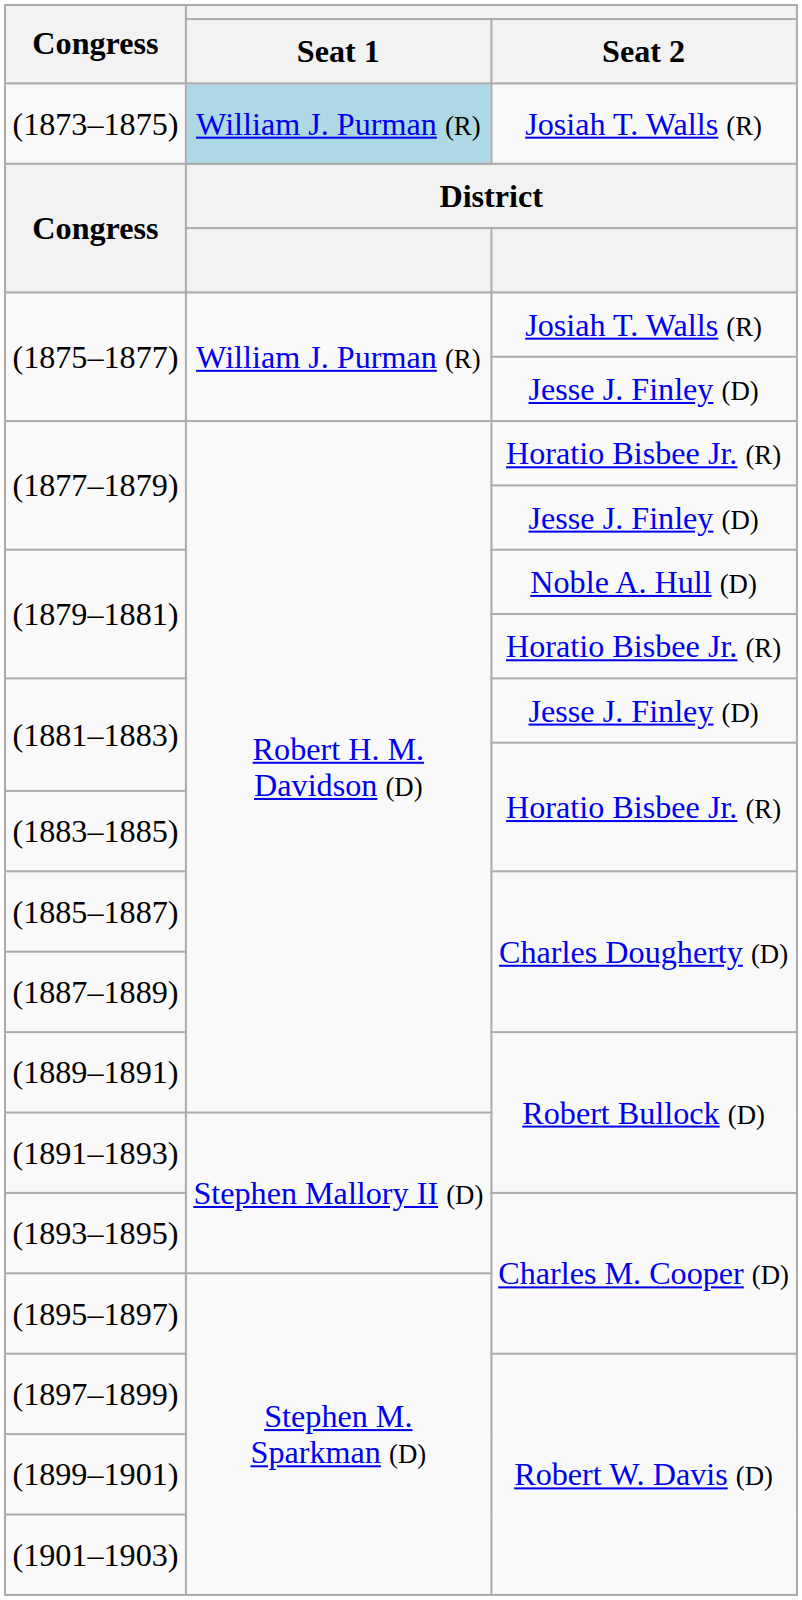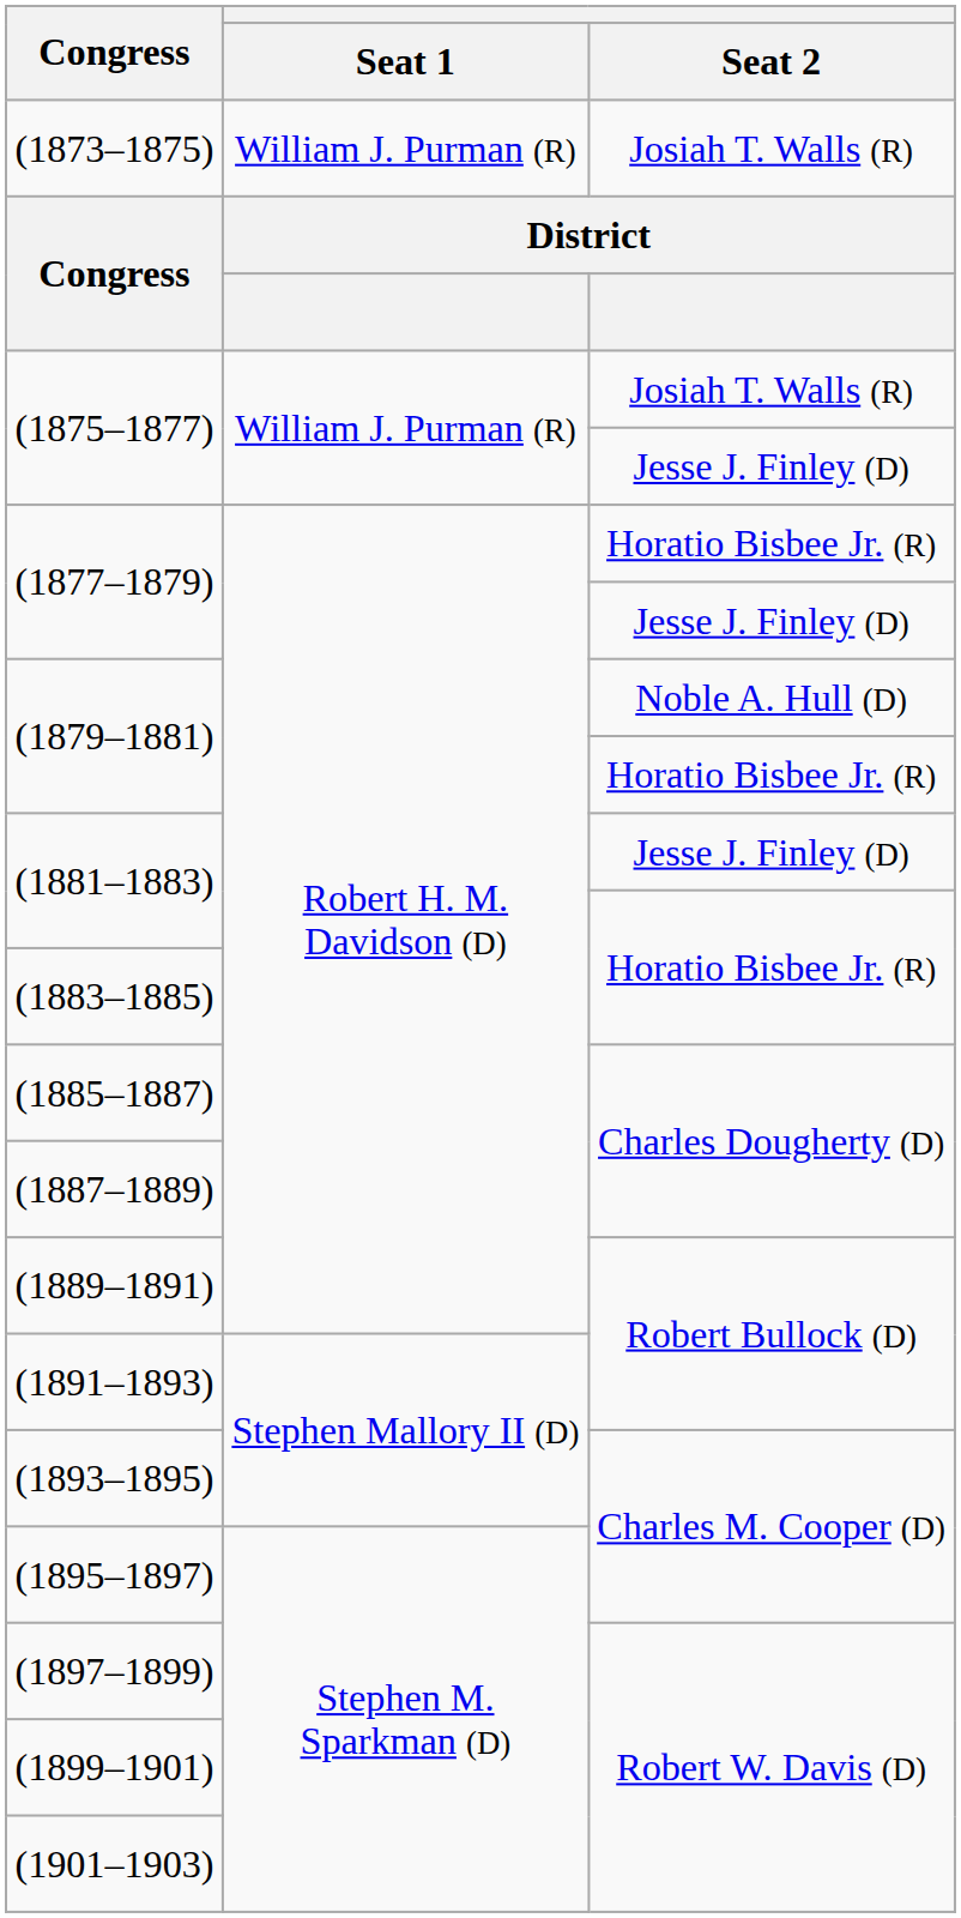 <table class=wikitable style="text-align:center">
 <tr>
 <th rowspan=2>Congress</th>
 <th colspan=2></th>
 </tr>
 <tr style="height:2em">
 <th>Seat 1</th>
 <th>Seat 2</th>
 </tr>
 <tr style="height:2.5em">
 <td><strong></strong> (1873–1875)</td>
-<td style="background: lightblue;"><a href='#'>William J. Purman</a> <small>(R)</small></td>
+<td><a href='#'>William J. Purman</a> <small>(R)</small></td>
 <td><a href='#'>Josiah T. Walls</a> <small>(R)</small></td>
 </tr>
 <tr style="height:2em">
 <th rowspan=2>Congress</th>
 <th colspan=2 align=center>District</th>
 </tr>
 <tr style="height:2em">
 <th></th>
 <th></th>
 </tr>
 <tr style="height:2em">
 <td rowspan=2><strong></strong> (1875–1877)</td>
 <td rowspan=2 ><a href='#'>William J. Purman</a> <small>(R)</small></td>
 <td><a href='#'>Josiah T. Walls</a> <small>(R)</small></td>
 </tr>
 <tr style="height:2em">
 <td><a href='#'>Jesse J. Finley</a> <small>(D)</small></td>
 </tr>
 <tr style="height:2em">
 <td rowspan=2><strong></strong> (1877–1879)</td>
 <td rowspan=10 ><a href='#'>Robert H. M.<br>Davidson</a> <small>(D)</small></td>
 <td><a href='#'>Horatio Bisbee Jr.</a> <small>(R)</small></td>
 </tr>
 <tr style="height:2em">
 <td><a href='#'>Jesse J. Finley</a> <small>(D)</small></td>
 </tr>
 <tr style="height:2em">
 <td rowspan=2><strong></strong> (1879–1881)</td>
 <td><a href='#'>Noble A. Hull</a> <small>(D)</small></td>
 </tr>
 <tr style="height:2em">
 <td><a href='#'>Horatio Bisbee Jr.</a> <small>(R)</small></td>
 </tr>
 <tr style="height:2em">
 <td rowspan=2><strong></strong> (1881–1883)</td>
 <td><a href='#'>Jesse J. Finley</a> <small>(D)</small></td>
 </tr>
 <tr style="height:1.5em">
 <td rowspan=2 ><a href='#'>Horatio Bisbee Jr.</a> <small>(R)</small></td>
 </tr>
 <tr style="height:2.5em">
 <td><strong></strong> (1883–1885)</td>
 </tr>
 <tr style="height:2.5em">
 <td><strong></strong> (1885–1887)</td>
 <td rowspan=2 ><a href='#'>Charles Dougherty</a> <small>(D)</small></td>
 </tr>
 <tr style="height:2.5em">
 <td><strong></strong> (1887–1889)</td>
 </tr>
 <tr style="height:2.5em">
 <td><strong></strong> (1889–1891)</td>
 <td rowspan=2 ><a href='#'>Robert Bullock</a> <small>(D)</small></td>
 </tr>
 <tr style="height:2.5em">
 <td><strong></strong> (1891–1893)</td>
 <td rowspan=2 ><a href='#'>Stephen Mallory II</a> <small>(D)</small></td>
 </tr>
 <tr style="height:2.5em">
 <td><strong></strong> (1893–1895)</td>
 <td rowspan=2 ><a href='#'>Charles M. Cooper</a> <small>(D)</small></td>
 </tr>
 <tr style="height:2.5em">
 <td><strong></strong> (1895–1897)</td>
 <td rowspan=4 ><a href='#'>Stephen M.<br>Sparkman</a> <small>(D)</small></td>
 </tr>
 <tr style="height:2.5em">
 <td><strong></strong> (1897–1899)</td>
 <td rowspan=3 ><a href='#'>Robert W. Davis</a> <small>(D)</small></td>
 </tr>
 <tr style="height:2.5em">
 <td><strong></strong> (1899–1901)</td>
 </tr>
 <tr style="height:2.5em">
 <td><strong></strong> (1901–1903)</td>
 </tr>
 </table>
